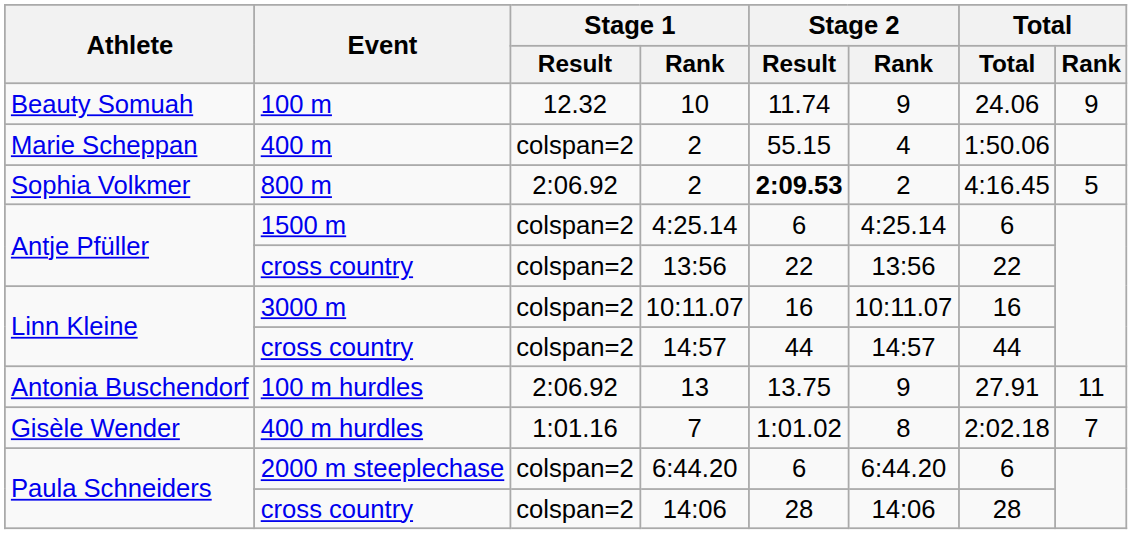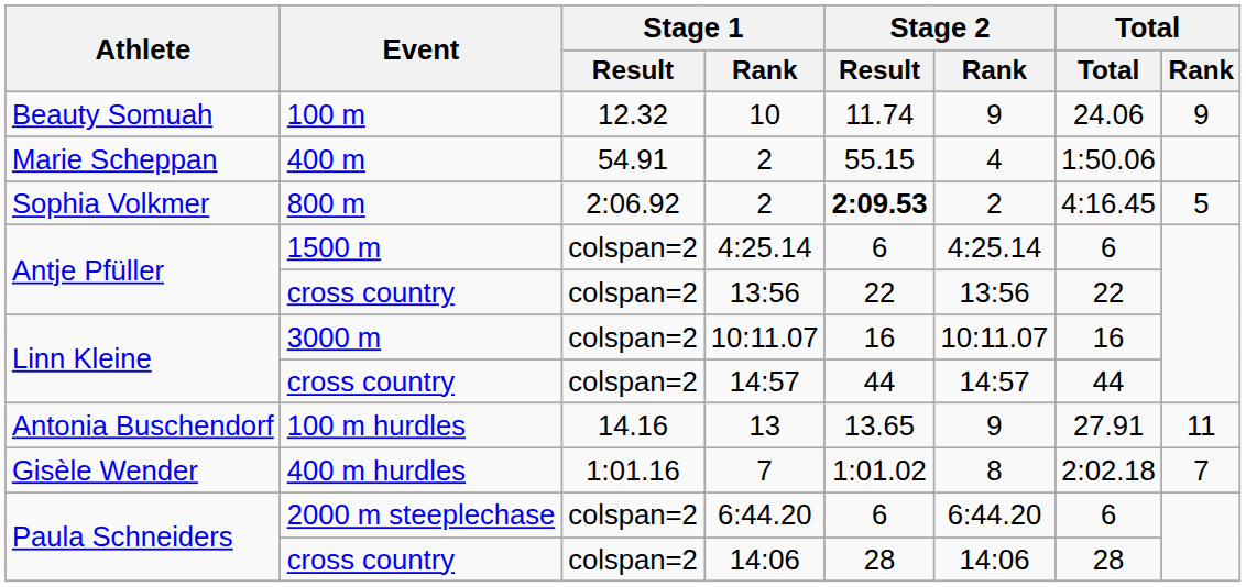 <table class="wikitable" style="font-size:90%">
 <tr>
 <th rowspan=2>Athlete</th>
 <th rowspan=2>Event</th>
 <th colspan=2>Stage 1</th>
 <th colspan=2>Stage 2</th>
 <th colspan=2>Total</th>
 </tr>
 <tr style="font-size:95%">
 <th>Result</th>
 <th>Rank</th>
 <th>Result</th>
 <th>Rank</th>
 <th>Total</th>
 <th>Rank</th>
 </tr>
 <tr align=center>
 <td align=left><a href='#'>Beauty Somuah</a></td>
 <td align=left><a href='#'>100 m</a></td>
 <td>12.32</td>
 <td>10</td>
 <td>11.74</td>
 <td>9</td>
 <td>24.06</td>
 <td>9</td>
 </tr>
 <tr align=center>
 <td align=left><a href='#'>Marie Scheppan</a></td>
 <td align=left><a href='#'>400 m</a></td>
-<td>colspan=2</td>
+<td>54.91</td>
 <td>2</td>
 <td>55.15</td>
 <td>4</td>
 <td>1:50.06</td>
 <td></td>
 </tr>
 <tr align=center>
 <td align=left><a href='#'>Sophia Volkmer</a></td>
 <td align=left><a href='#'>800 m</a></td>
 <td>2:06.92 </td>
 <td>2</td>
 <td><strong>2:09.53</strong></td>
 <td>2</td>
 <td>4:16.45</td>
 <td>5</td>
 </tr>
 <tr align=center>
 <td align=left rowspan=2><a href='#'>Antje Pfüller</a></td>
 <td align=left><a href='#'>1500 m</a></td>
 <td>colspan=2</td>
 <td>4:25.14</td>
 <td>6</td>
 <td>4:25.14</td>
 <td>6</td>
 </tr>
 <tr align=center>
 <td align=left><a href='#'>cross country</a></td>
 <td>colspan=2</td>
 <td>13:56</td>
 <td>22</td>
 <td>13:56</td>
 <td>22</td>
 </tr>
 <tr align=center>
 <td align=left rowspan=2><a href='#'>Linn Kleine</a></td>
 <td align=left><a href='#'>3000 m</a></td>
 <td>colspan=2</td>
 <td>10:11.07</td>
 <td>16</td>
 <td>10:11.07</td>
 <td>16</td>
 </tr>
 <tr align=center>
 <td align=left><a href='#'>cross country</a></td>
 <td>colspan=2</td>
 <td>14:57</td>
 <td>44</td>
 <td>14:57</td>
 <td>44</td>
 </tr>
 <tr align=center>
 <td align=left><a href='#'>Antonia Buschendorf</a></td>
 <td align=left><a href='#'>100 m hurdles</a></td>
-<td>2:06.92 </td>
+<td>14.16</td>
 <td>13</td>
-<td>13.75</td>
+<td>13.65</td>
 <td>9</td>
 <td>27.91</td>
 <td>11</td>
 </tr>
 <tr align=center>
 <td align=left><a href='#'>Gisèle Wender</a></td>
 <td align=left><a href='#'>400 m hurdles</a></td>
 <td>1:01.16</td>
 <td>7</td>
 <td>1:01.02</td>
 <td>8</td>
 <td>2:02.18</td>
 <td>7</td>
 </tr>
 <tr align=center>
 <td align=left rowspan=2><a href='#'>Paula Schneiders</a></td>
 <td align=left><a href='#'>2000 m steeplechase</a></td>
 <td>colspan=2</td>
 <td>6:44.20</td>
 <td>6</td>
 <td>6:44.20</td>
 <td>6</td>
 </tr>
 <tr align=center>
 <td align=left><a href='#'>cross country</a></td>
 <td>colspan=2</td>
 <td>14:06</td>
 <td>28</td>
 <td>14:06</td>
 <td>28</td>
 </tr>
 </table>
